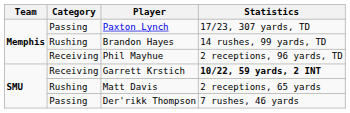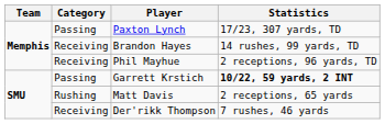 <table class="wikitable" style="float: left;">
 <tr>
 <th>Team</th>
 <th>Category</th>
 <th>Player</th>
 <th>Statistics</th>
 </tr>
 <tr>
 <td rowspan=3><strong>Memphis</strong></td>
 <td>Passing</td>
 <td><a href='#'>Paxton Lynch</a></td>
 <td>17/23, 307 yards, TD</td>
 </tr>
 <tr>
-<td>Rushing</td>
+<td>Receiving</td>
 <td>Brandon Hayes</td>
 <td>14 rushes, 99 yards, TD</td>
 </tr>
 <tr>
 <td>Receiving</td>
 <td>Phil Mayhue</td>
 <td>2 receptions, 96 yards, TD</td>
 </tr>
 <tr>
 <td rowspan=3><strong>SMU</strong></td>
-<td>Receiving</td>
+<td>Passing</td>
 <td>Garrett Krstich</td>
 <td><strong>10/22, 59 yards, 2 INT</strong></td>
 </tr>
 <tr>
 <td>Rushing</td>
 <td>Matt Davis</td>
 <td>2 receptions, 65 yards</td>
 </tr>
 <tr>
-<td>Passing</td>
+<td>Receiving</td>
 <td>Der'rikk Thompson</td>
 <td>7 rushes, 46 yards</td>
 </tr>
 </table>
